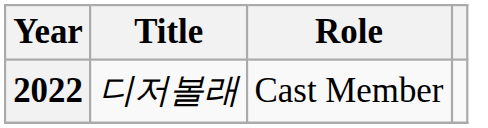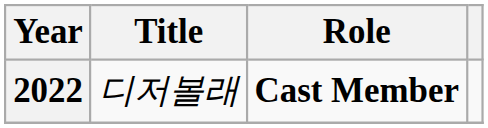 <table class="wikitable plainrowheaders">
 <tr>
 <th scope="col">Year</th>
 <th scope="col">Title</th>
 <th scope="col">Role</th>
 <th scope="col" class="unsortable"></th>
 </tr>
 <tr>
 <th scope="row">2022</th>
 <td><em>디저볼래</em></td>
-<td>Cast Member</td>
+<td><strong>Cast Member</strong></td>
 <td></td>
 </tr>
 <tr>
 </tr>
 </table>
